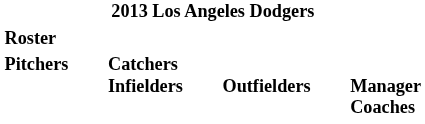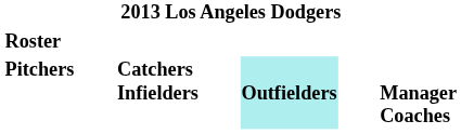 <table class="toccolours" style="font-size: 95%;">
 <tr>
 <th colspan="10">2013 Los Angeles Dodgers</th>
 </tr>
 <tr>
 <td colspan="10"><strong>Roster</strong></td>
 </tr>
 <tr>
 <td valign="top"><strong>Pitchers</strong><br>                             </td>
 <td width="25px"></td>
 <td valign="top"><strong>Catchers</strong><br>    <strong>Infielders</strong>          </td>
 <td width="25px"></td>
-<td valign="top"><br><strong>Outfielders</strong>         </td>
+<td valign="top" style="background: paleturquoise;"><br><strong>Outfielders</strong>         </td>
 <td width="25px"></td>
 <td valign="top"><br><strong>Manager</strong> <br><strong>Coaches</strong>                          </td>
 </tr>
 </table>
